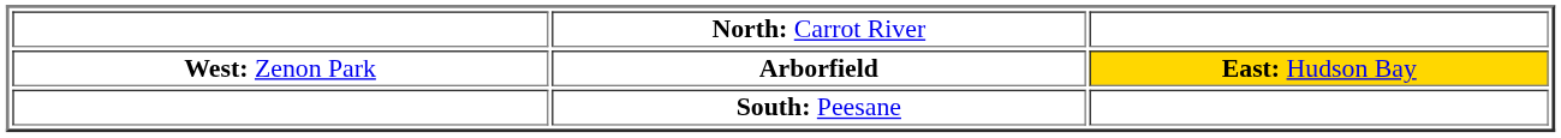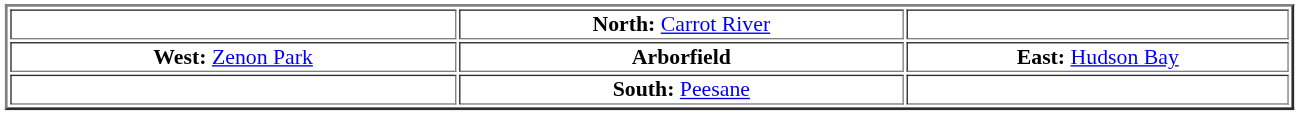 <table width ="75%" border = 2 align="center">
 <tr ---->
 <td width ="35%" align="center"></td>
 <td width ="30%" align="center"><strong>North:</strong> <a href='#'>Carrot River</a></td>
 <td width ="35%" align="center"></td>
 </tr>
 <tr ---->
 <td width ="10%" align="center"><strong>West:</strong> <a href='#'>Zenon Park</a></td>
 <td width ="35%" align="center"><strong>Arborfield</strong></td>
-<td width ="30%" align="center" style="background: gold;"><strong>East:</strong> <a href='#'>Hudson Bay</a></td>
+<td width ="30%" align="center"><strong>East:</strong> <a href='#'>Hudson Bay</a></td>
 </tr>
 <tr ---->
 <td width ="35%" align="center"></td>
 <td width ="30%" align="center"><strong>South:</strong> <a href='#'>Peesane</a></td>
 <td width ="35%" align="center"></td>
 </tr>
 </table>
